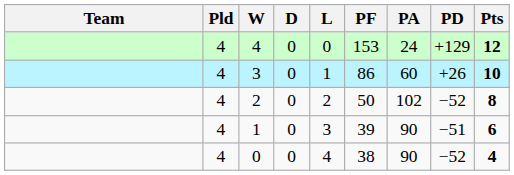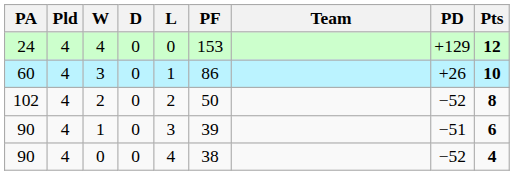 <table class="wikitable" style="text-align:center;">
 <tr>
-<th width=175>Team</th>
+<th width=32 abbr="Points against">PA</th>
 <th width=25 abbr="Played">Pld</th>
 <th width=25 abbr="Won">W</th>
 <th width=25 abbr="Drawn">D</th>
 <th width=25 abbr="Lost">L</th>
 <th width=32 abbr="Points for">PF</th>
-<th width=32 abbr="Points against">PA</th>
+<th width=175>Team</th>
 <th width=32 abbr="Points difference">PD</th>
 <th width=25 abbr="Points">Pts</th>
 </tr>
 <tr bgcolor=#cfc>
-<td align="left"></td>
+<td>24</td>
 <td>4</td>
 <td>4</td>
 <td>0</td>
 <td>0</td>
 <td>153</td>
-<td>24</td>
+<td align="left"></td>
 <td>+129</td>
 <td><strong>12</strong></td>
 </tr>
 <tr bgcolor=#BBF3FF>
-<td align="left"></td>
+<td>60</td>
 <td>4</td>
 <td>3</td>
 <td>0</td>
 <td>1</td>
 <td>86</td>
-<td>60</td>
+<td align="left"></td>
 <td>+26</td>
 <td><strong>10</strong></td>
 </tr>
 <tr>
-<td align="left"></td>
+<td>102</td>
 <td>4</td>
 <td>2</td>
 <td>0</td>
 <td>2</td>
 <td>50</td>
-<td>102</td>
+<td align="left"></td>
 <td>−52</td>
 <td><strong>8</strong></td>
 </tr>
 <tr>
-<td align="left"></td>
+<td>90</td>
 <td>4</td>
 <td>1</td>
 <td>0</td>
 <td>3</td>
 <td>39</td>
-<td>90</td>
+<td align="left"></td>
 <td>−51</td>
 <td><strong>6</strong></td>
 </tr>
 <tr>
-<td align="left"></td>
+<td>90</td>
 <td>4</td>
 <td>0</td>
 <td>0</td>
 <td>4</td>
 <td>38</td>
-<td>90</td>
+<td align="left"></td>
 <td>−52</td>
 <td><strong>4</strong></td>
 </tr>
 </table>
